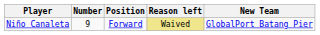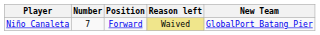 <table class="wikitable sortable sortable">
 <tr>
 <th>Player</th>
 <th>Number</th>
 <th>Position</th>
 <th>Reason left</th>
 <th>New Team</th>
 </tr>
 <tr style="text-align: center">
 <td><a href='#'>Niño Canaleta</a></td>
-<td>9</td>
+<td>7</td>
 <td><a href='#'>Forward</a></td>
 <td style="background: khaki;">Waived</td>
 <td><a href='#'>GlobalPort Batang Pier</a></td>
 </tr>
 </table>
